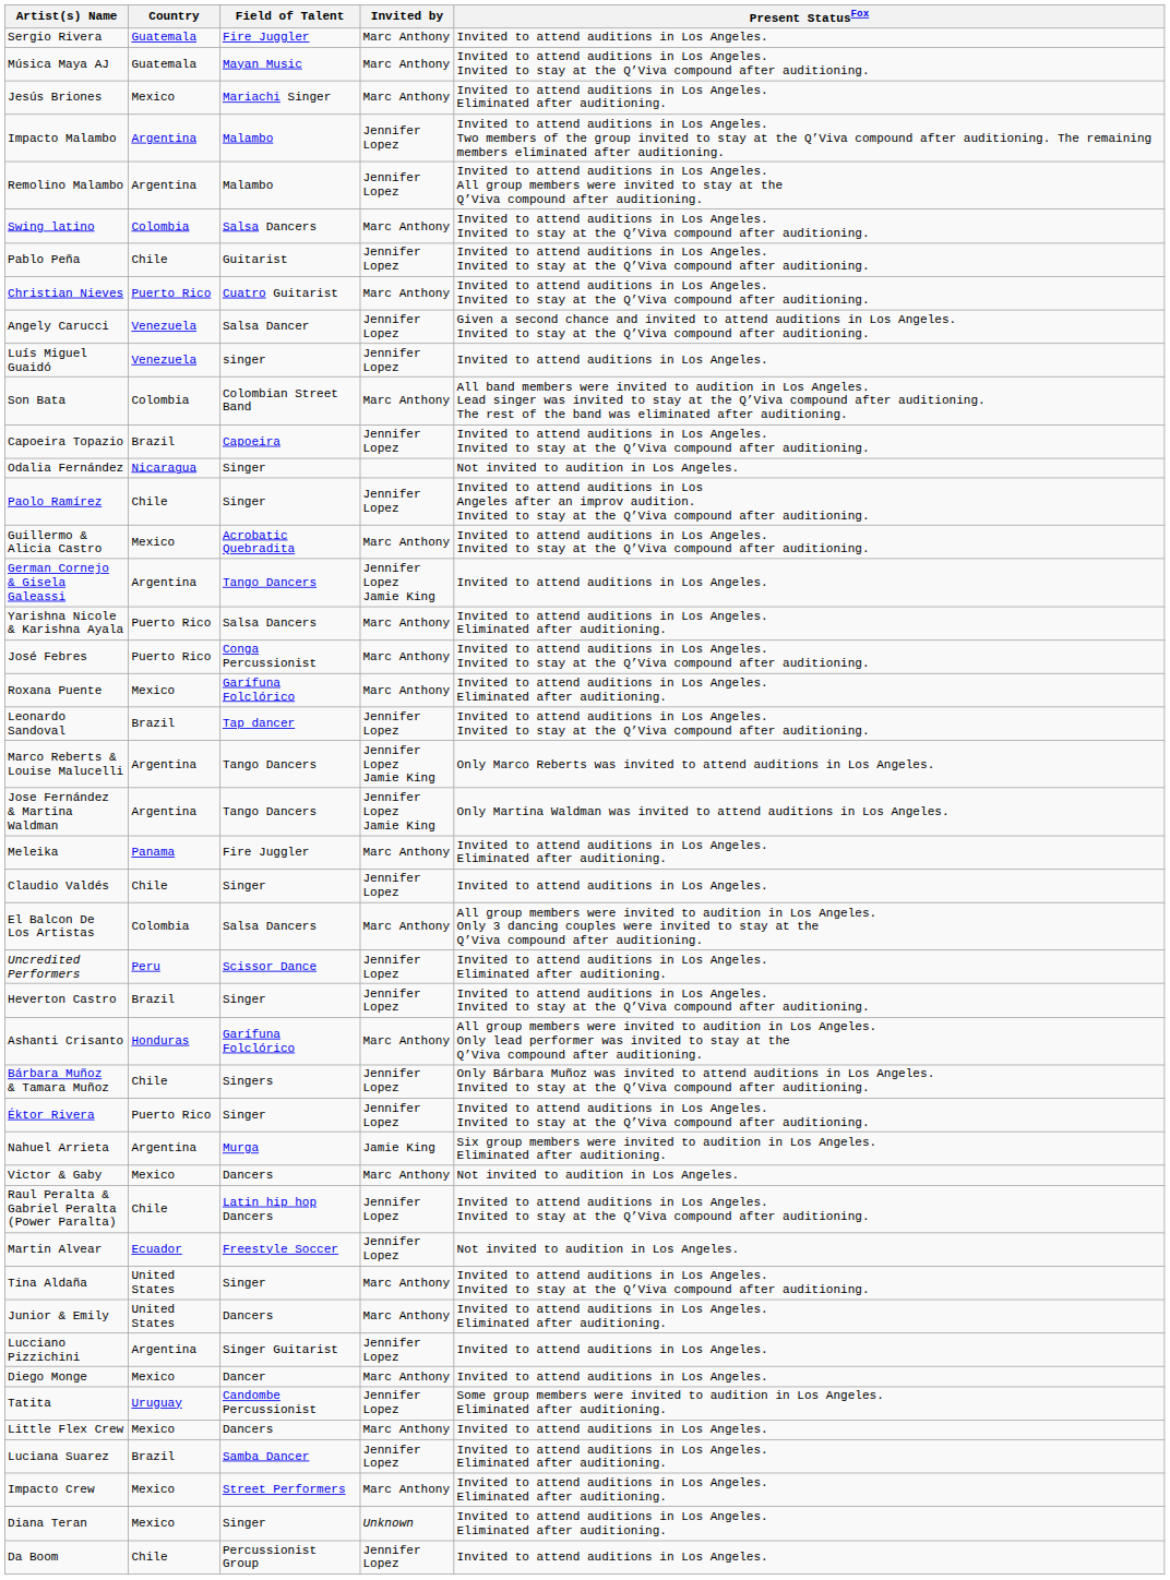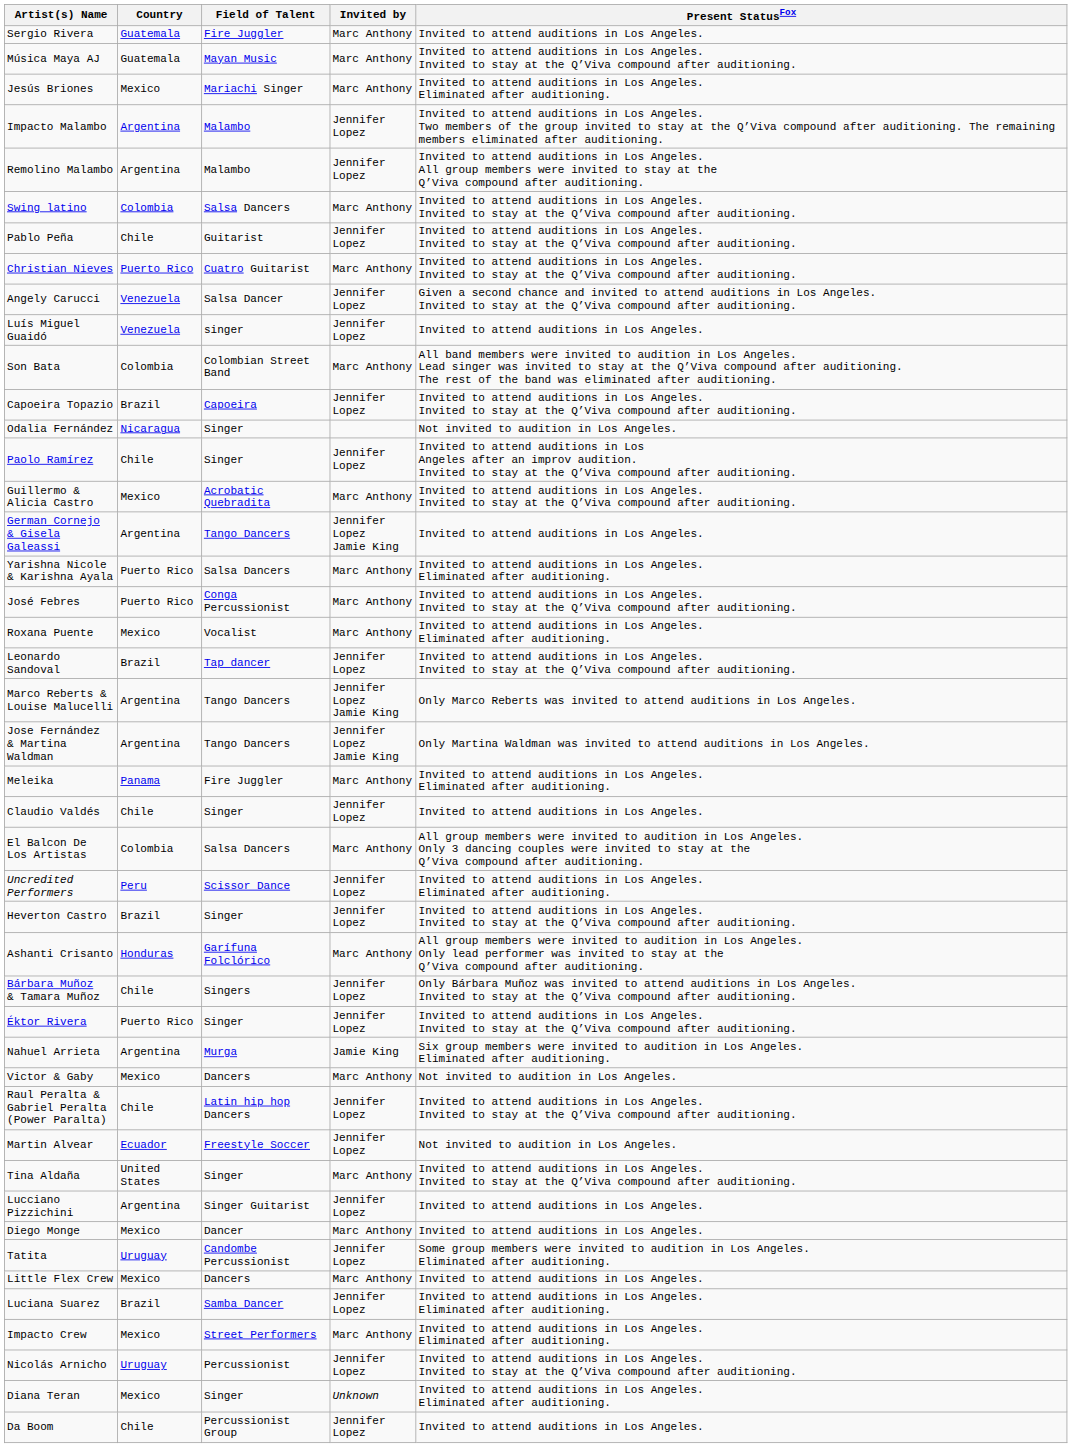 <table class="wikitable sortable">
 <tr>
 <th>Artist(s) Name</th>
 <th>Country</th>
 <th>Field of Talent</th>
 <th>Invited by</th>
 <th>Present Status<sup><a href='#'>Fox</a></sup></th>
 </tr>
 <tr>
 <td>Sergio Rivera</td>
 <td><a href='#'>Guatemala</a></td>
 <td><a href='#'>Fire Juggler</a></td>
 <td>Marc Anthony</td>
 <td>Invited to attend auditions in Los Angeles.</td>
 </tr>
 <tr>
 <td>Música Maya AJ</td>
 <td>Guatemala</td>
 <td><a href='#'>Mayan Music</a></td>
 <td>Marc Anthony</td>
 <td>Invited to attend auditions in Los Angeles.<br>Invited to stay at the Q’Viva compound after auditioning.</td>
 </tr>
 <tr>
 <td>Jesús Briones</td>
 <td>Mexico</td>
 <td><a href='#'>Mariachi</a> Singer</td>
 <td>Marc Anthony</td>
 <td>Invited to attend auditions in Los Angeles.<br>Eliminated after auditioning.</td>
 </tr>
 <tr>
 <td>Impacto Malambo</td>
 <td><a href='#'>Argentina</a></td>
 <td><a href='#'>Malambo</a></td>
 <td>Jennifer Lopez</td>
 <td>Invited to attend auditions in Los Angeles. <br> Two members of the group invited to stay at the Q’Viva compound after auditioning. The remaining members eliminated after auditioning.</td>
 </tr>
 <tr>
 <td>Remolino Malambo</td>
 <td>Argentina</td>
 <td>Malambo</td>
 <td>Jennifer Lopez</td>
 <td>Invited to attend auditions in Los Angeles. <br> All group members were invited to stay at the<br>Q’Viva compound after auditioning.</td>
 </tr>
 <tr>
 <td><a href='#'>Swing latino</a></td>
 <td><a href='#'>Colombia</a></td>
 <td><a href='#'>Salsa</a> Dancers</td>
 <td>Marc Anthony</td>
 <td>Invited to attend auditions in Los Angeles.<br>Invited to stay at the Q’Viva compound after auditioning.</td>
 </tr>
 <tr>
 <td>Pablo Peña</td>
 <td>Chile</td>
 <td>Guitarist</td>
 <td>Jennifer Lopez</td>
 <td>Invited to attend auditions in Los Angeles.<br>Invited to stay at the Q’Viva compound after auditioning.</td>
 </tr>
 <tr>
 <td><a href='#'>Christian Nieves</a></td>
 <td><a href='#'>Puerto Rico</a></td>
 <td><a href='#'>Cuatro</a> Guitarist</td>
 <td>Marc Anthony</td>
 <td>Invited to attend auditions in Los Angeles.<br>Invited to stay at the Q’Viva compound after auditioning.</td>
 </tr>
 <tr>
 <td>Angely Carucci</td>
 <td><a href='#'>Venezuela</a></td>
 <td>Salsa Dancer</td>
 <td>Jennifer Lopez</td>
 <td>Given a second chance and invited to attend auditions in Los Angeles.<br>Invited to stay at the Q’Viva compound after auditioning.</td>
 </tr>
 <tr>
 <td>Luís Miguel Guaidó</td>
 <td><a href='#'>Venezuela</a></td>
 <td>singer</td>
 <td>Jennifer Lopez</td>
 <td>Invited to attend auditions in Los Angeles.</td>
 </tr>
 <tr>
 <td>Son Bata</td>
 <td>Colombia</td>
 <td>Colombian Street Band</td>
 <td>Marc Anthony</td>
 <td>All band members were invited to audition in Los Angeles.<br>Lead singer was invited to stay at the Q’Viva compound after auditioning.  <br> The rest of the band was eliminated after auditioning.</td>
 </tr>
 <tr>
 <td>Capoeira Topazio</td>
 <td>Brazil</td>
 <td><a href='#'>Capoeira</a></td>
 <td>Jennifer Lopez</td>
 <td>Invited to attend auditions in Los Angeles.<br>Invited to stay at the Q’Viva compound after auditioning.</td>
 </tr>
 <tr>
 <td>Odalia Fernández</td>
 <td><a href='#'>Nicaragua</a></td>
 <td>Singer</td>
 <td></td>
 <td>Not invited to audition in Los Angeles.</td>
 </tr>
 <tr |->
 <td><a href='#'>Paolo Ramírez</a></td>
 <td>Chile</td>
 <td>Singer</td>
 <td>Jennifer Lopez</td>
 <td>Invited to attend auditions in Los <br>Angeles after an improv audition.<br>Invited to stay at the Q’Viva compound after auditioning.</td>
 </tr>
 <tr |->
 <td>Guillermo & <br>Alicia Castro</td>
 <td>Mexico</td>
 <td><a href='#'>Acrobatic</a> <a href='#'>Quebradita</a></td>
 <td>Marc Anthony</td>
 <td>Invited to attend auditions in Los Angeles.<br>Invited to stay at the Q’Viva compound after auditioning.</td>
 </tr>
 <tr |->
 <td><a href='#'>German Cornejo <br>& Gisela Galeassi</a></td>
 <td>Argentina</td>
 <td><a href='#'>Tango Dancers</a></td>
 <td>Jennifer Lopez <br>Jamie King</td>
 <td>Invited to attend auditions in Los Angeles.</td>
 </tr>
 <tr |->
 <td>Yarishna Nicole <br>& Karishna Ayala</td>
 <td>Puerto Rico</td>
 <td>Salsa Dancers</td>
 <td>Marc Anthony</td>
 <td>Invited to attend auditions in Los Angeles.<br>Eliminated after auditioning.</td>
 </tr>
 <tr>
 <td>José Febres</td>
 <td>Puerto Rico</td>
 <td><a href='#'>Conga</a> Percussionist</td>
 <td>Marc Anthony</td>
 <td>Invited to attend auditions in Los Angeles.<br>Invited to stay at the Q’Viva compound after auditioning.</td>
 </tr>
 <tr>
 <td>Roxana Puente</td>
 <td>Mexico</td>
-<td><a href='#'>Garífuna Folclórico</a></td>
+<td>Vocalist</td>
 <td>Marc Anthony</td>
 <td>Invited to attend auditions in Los Angeles.<br>Eliminated after auditioning.</td>
 </tr>
 <tr>
 <td>Leonardo Sandoval</td>
 <td>Brazil</td>
 <td><a href='#'>Tap dancer</a></td>
 <td>Jennifer Lopez</td>
 <td>Invited to attend auditions in Los Angeles.<br>Invited to stay at the Q’Viva compound after auditioning.</td>
 </tr>
 <tr>
 <td>Marco Reberts & <br> Louise Malucelli</td>
 <td>Argentina</td>
 <td>Tango Dancers</td>
 <td>Jennifer Lopez <br>Jamie King</td>
 <td>Only Marco Reberts was invited to attend auditions in Los Angeles.</td>
 </tr>
 <tr>
 <td>Jose Fernández <br>& Martina Waldman</td>
 <td>Argentina</td>
 <td>Tango Dancers</td>
 <td>Jennifer Lopez <br>Jamie King</td>
 <td>Only Martina Waldman was invited to attend auditions in Los Angeles.</td>
 </tr>
 <tr>
 <td>Meleika</td>
 <td><a href='#'>Panama</a></td>
 <td>Fire Juggler</td>
 <td>Marc Anthony</td>
 <td>Invited to attend auditions in Los Angeles.<br>Eliminated after auditioning.</td>
 </tr>
 <tr>
 <td>Claudio Valdés</td>
 <td>Chile</td>
 <td>Singer</td>
 <td>Jennifer Lopez</td>
 <td>Invited to attend auditions in Los Angeles.</td>
 </tr>
 <tr>
 <td>El Balcon De <br>Los Artistas</td>
 <td>Colombia</td>
 <td>Salsa Dancers</td>
 <td>Marc Anthony</td>
 <td>All group members were invited to audition in Los Angeles.<br>Only 3 dancing couples were invited to stay at the<br>Q’Viva compound after auditioning.</td>
 </tr>
 <tr>
 <td><em>Uncredited <br>Performers</em></td>
 <td><a href='#'>Peru</a></td>
 <td><a href='#'>Scissor Dance</a></td>
 <td>Jennifer Lopez</td>
 <td>Invited to attend auditions in Los Angeles.<br>Eliminated after auditioning.</td>
 </tr>
 <tr>
 <td>Heverton Castro</td>
 <td>Brazil</td>
 <td>Singer</td>
 <td>Jennifer Lopez</td>
 <td>Invited to attend auditions in Los Angeles.<br>Invited to stay at the Q’Viva compound after auditioning.</td>
 </tr>
 <tr>
 <td>Ashanti Crisanto</td>
 <td><a href='#'>Honduras</a></td>
 <td><a href='#'>Garífuna Folclórico</a></td>
 <td>Marc Anthony</td>
 <td>All group members were invited to audition in Los Angeles.<br>Only lead performer was invited to stay at the<br>Q’Viva compound after auditioning.</td>
 </tr>
 <tr>
 <td><a href='#'>Bárbara Muñoz</a> <br>& Tamara Muñoz</td>
 <td>Chile</td>
 <td>Singers</td>
 <td>Jennifer Lopez</td>
 <td>Only Bárbara Muñoz was invited to attend auditions in Los Angeles.<br>Invited to stay at the Q’Viva compound after auditioning.</td>
 </tr>
 <tr>
 <td><a href='#'>Éktor Rivera</a></td>
 <td>Puerto Rico</td>
 <td>Singer</td>
 <td>Jennifer Lopez</td>
 <td>Invited to attend auditions in Los Angeles.<br>Invited to stay at the Q’Viva compound after auditioning.</td>
 </tr>
 <tr>
 <td>Nahuel Arrieta</td>
 <td>Argentina</td>
 <td><a href='#'>Murga</a></td>
 <td>Jamie King</td>
 <td>Six group members were invited to audition in Los Angeles.<br>Eliminated after auditioning.</td>
 </tr>
 <tr>
 <td>Victor & Gaby</td>
 <td>Mexico</td>
 <td>Dancers</td>
 <td>Marc Anthony</td>
 <td>Not invited to audition in Los Angeles.</td>
 </tr>
 <tr>
 <td>Raul Peralta &<br>Gabriel Peralta<br>(Power Paralta)</td>
 <td>Chile</td>
 <td><a href='#'>Latin hip hop</a> Dancers</td>
 <td>Jennifer Lopez</td>
 <td>Invited to attend auditions in Los Angeles.<br>Invited to stay at the Q’Viva compound after auditioning.</td>
 </tr>
 <tr>
 <td>Martin Alvear</td>
 <td><a href='#'>Ecuador</a></td>
 <td><a href='#'>Freestyle Soccer</a></td>
 <td>Jennifer Lopez</td>
 <td>Not invited to audition in Los Angeles.</td>
 </tr>
 <tr>
 <td>Tina Aldaña</td>
 <td>United States</td>
 <td>Singer</td>
 <td>Marc Anthony</td>
 <td>Invited to attend auditions in Los Angeles.<br>Invited to stay at the Q’Viva compound after auditioning.</td>
 </tr>
 <tr>
-<td>Junior & Emily</td>
-<td>United States</td>
-<td>Dancers</td>
-<td>Marc Anthony</td>
-<td>Invited to attend auditions in Los Angeles.<br>Eliminated after auditioning.</td>
-</tr>
-<tr>
 <td>Lucciano Pizzichini</td>
 <td>Argentina</td>
 <td>Singer Guitarist</td>
 <td>Jennifer Lopez</td>
 <td>Invited to attend auditions in Los Angeles.</td>
 </tr>
 <tr>
 <td>Diego Monge</td>
 <td>Mexico</td>
 <td>Dancer</td>
 <td>Marc Anthony</td>
 <td>Invited to attend auditions in Los Angeles.</td>
 </tr>
 <tr>
 <td>Tatita</td>
 <td><a href='#'>Uruguay</a></td>
 <td><a href='#'>Candombe</a><br>Percussionist</td>
 <td>Jennifer Lopez</td>
 <td>Some group members were invited to audition in Los Angeles.<br>Eliminated after auditioning.</td>
 </tr>
 <tr>
 <td>Little Flex Crew</td>
 <td>Mexico</td>
 <td>Dancers</td>
 <td>Marc Anthony</td>
 <td>Invited to attend auditions in Los Angeles.</td>
 </tr>
 <tr>
 <td>Luciana Suarez</td>
 <td>Brazil</td>
 <td><a href='#'>Samba Dancer</a></td>
 <td>Jennifer Lopez</td>
 <td>Invited to attend auditions in Los Angeles.<br>Eliminated after auditioning.</td>
 </tr>
 <tr>
 <td>Impacto Crew</td>
 <td>Mexico</td>
 <td><a href='#'>Street Performers</a></td>
 <td>Marc Anthony</td>
 <td>Invited to attend auditions in Los Angeles.<br>Eliminated after auditioning.</td>
 </tr>
 <tr>
+<td>Nicolás Arnicho<br></td>
+<td><a href='#'>Uruguay</a></td>
+<td>Percussionist</td>
+<td>Jennifer Lopez</td>
+<td>Invited to attend auditions in Los Angeles.<br>Invited to stay at the Q’Viva compound after auditioning.</td>
+</tr>
+<tr>
 <td>Diana Teran</td>
 <td>Mexico</td>
 <td>Singer</td>
 <td><em>Unknown</em></td>
 <td>Invited to attend auditions in Los Angeles.<br>Eliminated after auditioning.</td>
 </tr>
 <tr>
 <td>Da Boom</td>
 <td>Chile</td>
 <td>Percussionist Group</td>
 <td>Jennifer Lopez</td>
 <td>Invited to attend auditions in Los Angeles.</td>
 </tr>
 </table>
